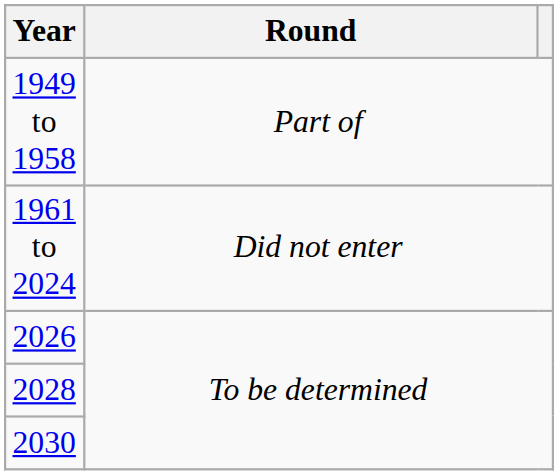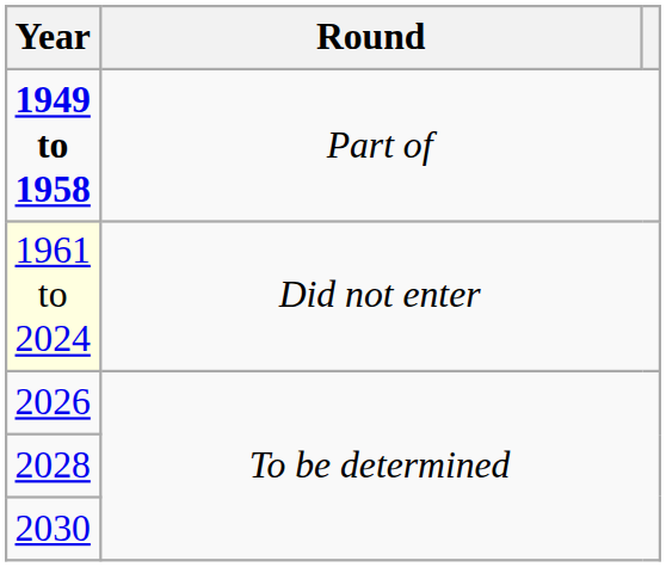 <table class="wikitable" style="text-align: center; font-size:90%">
 <tr>
 <th>Year</th>
 <th style="width:200px">Round</th>
 <th></th>
 </tr>
 <tr>
-<td><a href='#'>1949</a><br>to<br><a href='#'>1958</a></td>
+<td><strong><a href='#'>1949</a><br>to<br><a href='#'>1958</a></strong></td>
 <td colspan="2"><em>Part of </em></td>
 </tr>
 <tr>
-<td><a href='#'>1961</a><br>to<br><a href='#'>2024</a></td>
+<td style="background: lightyellow;"><a href='#'>1961</a><br>to<br><a href='#'>2024</a></td>
 <td colspan="2"><em>Did not enter</em></td>
 </tr>
 <tr>
 <td><a href='#'>2026</a></td>
 <td colspan="2" rowspan="3"><em>To be determined</em></td>
 </tr>
 <tr>
 <td><a href='#'>2028</a></td>
 </tr>
 <tr>
 <td><a href='#'>2030</a></td>
 </tr>
 </table>
